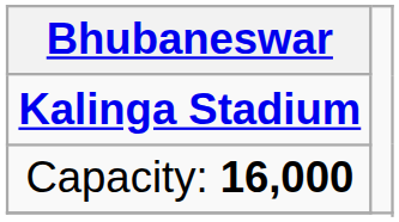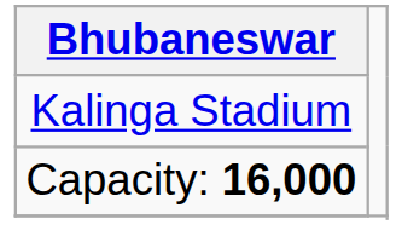 <table class="wikitable" style="text-align:center; margin:0.2em auto;">
 <tr>
 <th><a href='#'>Bhubaneswar</a></th>
 <td rowspan="4"></td>
 </tr>
 <tr>
-<td><strong><a href='#'>Kalinga Stadium</a></strong></td>
+<td><a href='#'>Kalinga Stadium</a></td>
 </tr>
 <tr>
 <td>Capacity: <strong>16,000</strong></td>
 </tr>
 <tr>
 </tr>
 </table>
